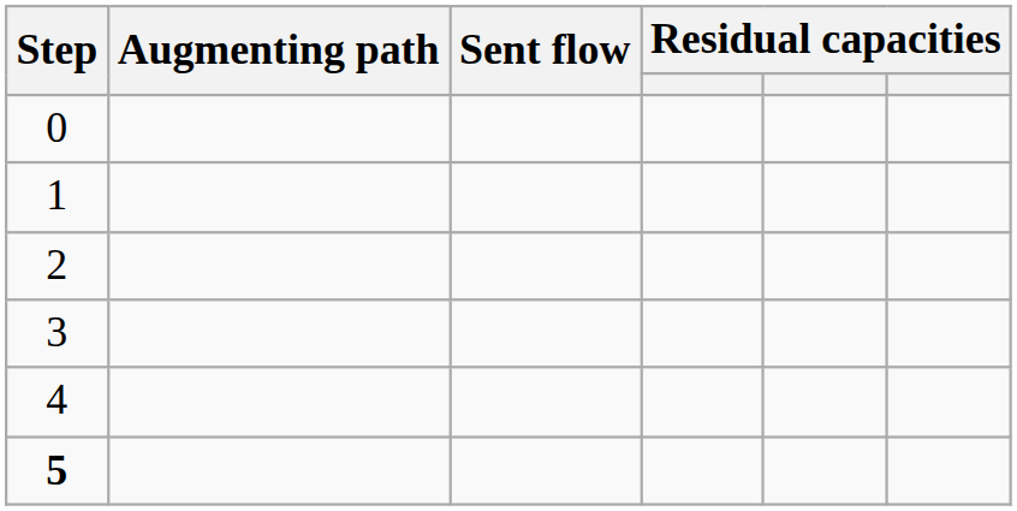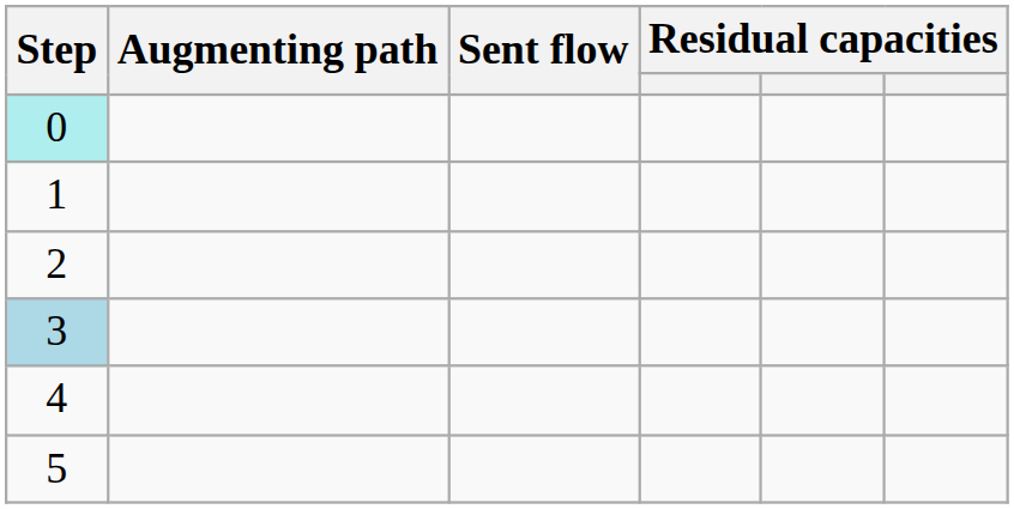 <table class="wikitable" style="text-align: center">
 <tr>
 <th rowspan=2>Step</th>
 <th rowspan=2>Augmenting path</th>
 <th rowspan=2>Sent flow</th>
 <th colspan=3>Residual capacities</th>
 </tr>
 <tr>
 <th></th>
 <th></th>
 <th></th>
 </tr>
 <tr>
-<td>0</td>
+<td style="background: paleturquoise;">0</td>
 <td></td>
 <td></td>
 <td></td>
 <td></td>
 <td></td>
 </tr>
 <tr>
 <td>1</td>
 <td></td>
 <td></td>
 <td></td>
 <td></td>
 <td></td>
 </tr>
 <tr>
 <td>2</td>
 <td></td>
 <td></td>
 <td></td>
 <td></td>
 <td></td>
 </tr>
 <tr>
-<td>3</td>
+<td style="background: lightblue;">3</td>
 <td></td>
 <td></td>
 <td></td>
 <td></td>
 <td></td>
 </tr>
 <tr>
 <td>4</td>
 <td></td>
 <td></td>
 <td></td>
 <td></td>
 <td></td>
 </tr>
 <tr>
-<td><strong>5</strong></td>
+<td>5</td>
 <td></td>
 <td></td>
 <td></td>
 <td></td>
 <td></td>
 </tr>
 </table>
